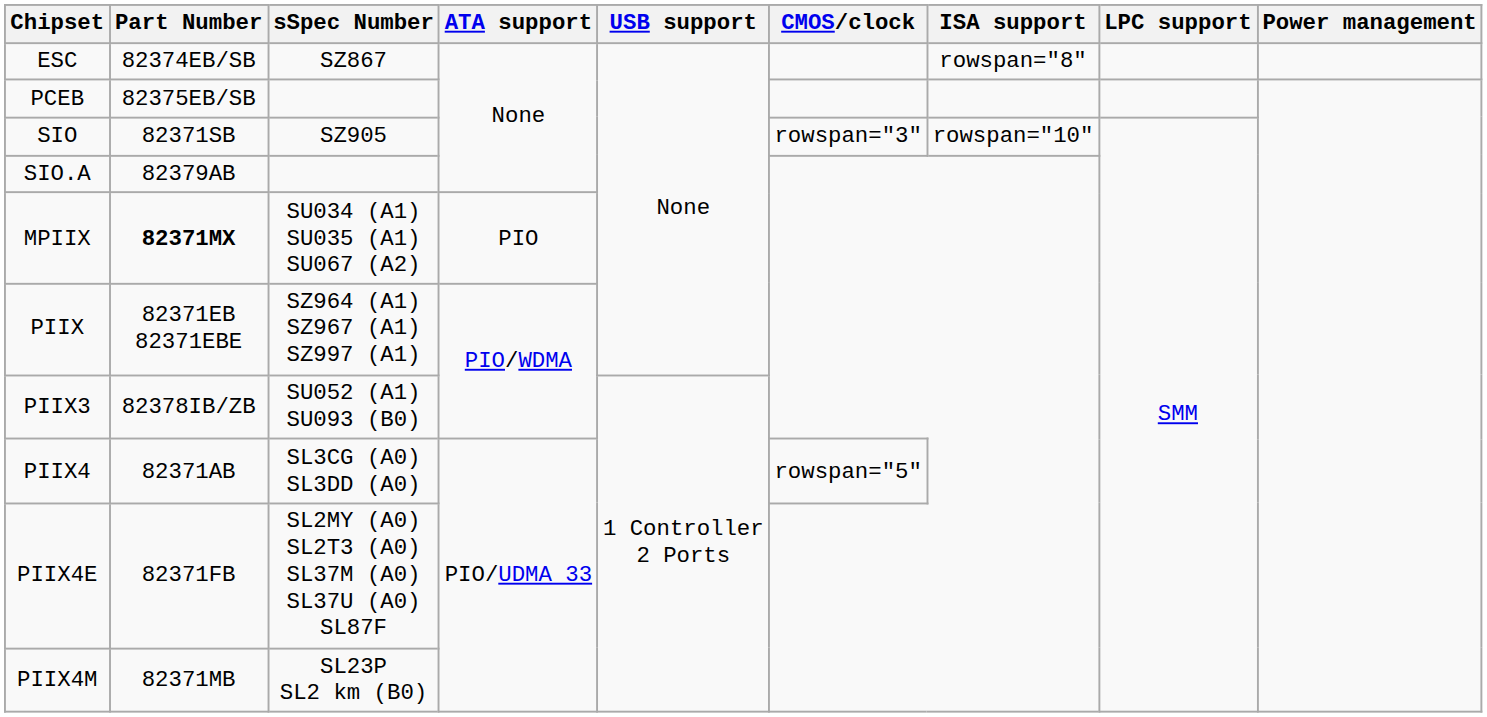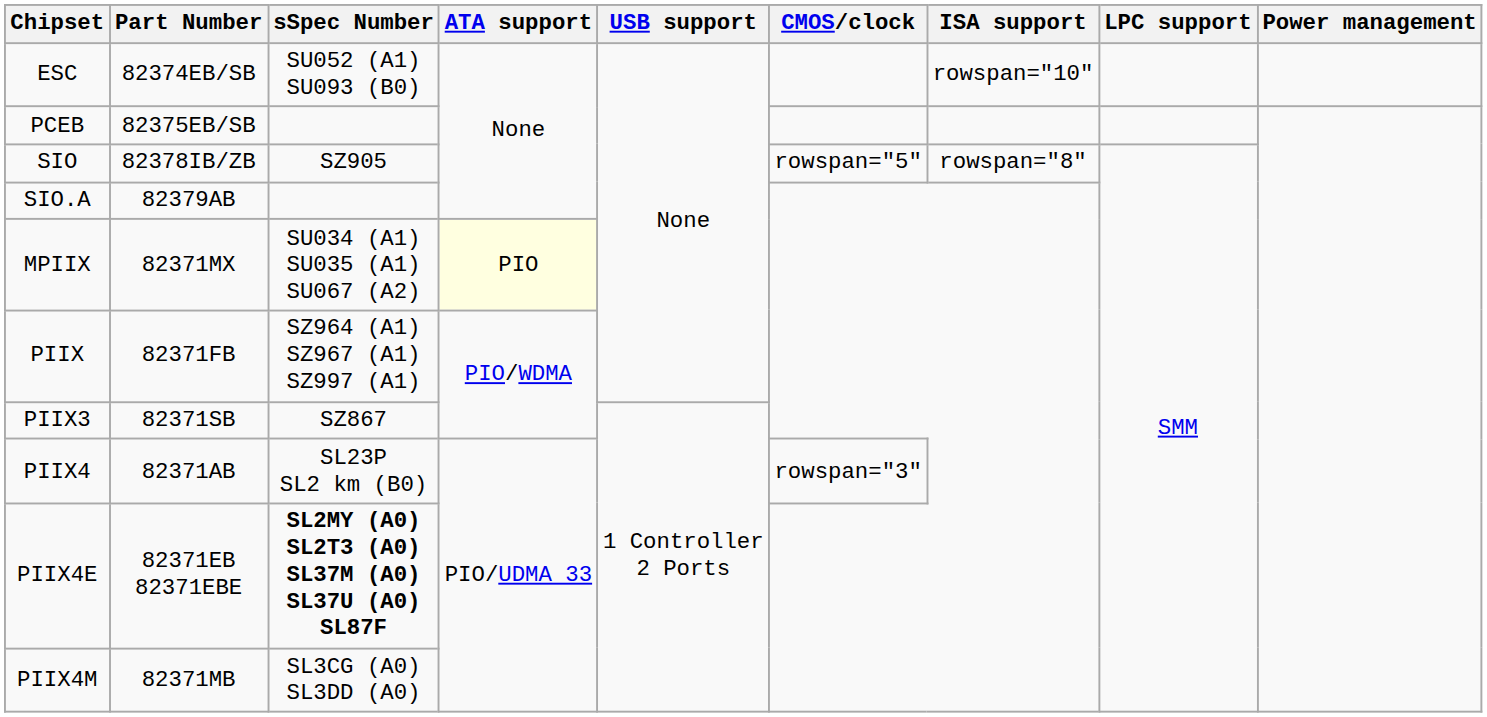 <table class="wikitable" style="font-size: 90%; text-align:center;">
 <tr>
 <th>Chipset</th>
 <th>Part Number</th>
 <th>sSpec Number</th>
 <th><a href='#'>ATA</a> support</th>
 <th><a href='#'>USB</a> support</th>
 <th><a href='#'>CMOS</a>/clock</th>
 <th>ISA support</th>
 <th>LPC support</th>
 <th>Power management</th>
 </tr>
 <tr>
 <td>ESC</td>
 <td>82374EB/SB</td>
-<td>SZ867</td>
+<td>SU052 (A1)<br>SU093 (B0)</td>
 <td rowspan="4">None</td>
 <td rowspan="6">None</td>
 <td></td>
-<td>rowspan="8" </td>
+<td>rowspan="10" </td>
 <td></td>
 <td></td>
 </tr>
 <tr>
 <td>PCEB</td>
 <td>82375EB/SB</td>
 <td></td>
 <td></td>
 <td></td>
 <td></td>
 </tr>
 <tr>
 <td>SIO</td>
-<td>82371SB</td>
+<td>82378IB/ZB</td>
 <td>SZ905</td>
-<td>rowspan="3" </td>
-<td>rowspan="10" </td>
+<td>rowspan="5" </td>
+<td>rowspan="8" </td>
 <td rowspan="8"><a href='#'>SMM</a></td>
 </tr>
 <tr>
 <td>SIO.A</td>
 <td>82379AB</td>
 <td></td>
 </tr>
 <tr>
 <td>MPIIX</td>
-<td><strong>82371MX</strong></td>
+<td>82371MX</td>
 <td>SU034 (A1)<br>SU035 (A1)<br>SU067 (A2)</td>
-<td>PIO</td>
+<td style="background: lightyellow;">PIO</td>
 </tr>
 <tr>
 <td>PIIX</td>
-<td>82371EB<br>82371EBE</td>
+<td>82371FB</td>
 <td>SZ964 (A1)<br>SZ967 (A1)<br>SZ997 (A1)</td>
 <td rowspan="2"><a href='#'>PIO</a>/<a href='#'>WDMA</a></td>
 </tr>
 <tr>
 <td>PIIX3</td>
-<td>82378IB/ZB</td>
-<td>SU052 (A1)<br>SU093 (B0)</td>
+<td>82371SB</td>
+<td>SZ867</td>
 <td rowspan="4">1 Controller<br>2 Ports</td>
 </tr>
 <tr>
 <td>PIIX4</td>
 <td>82371AB</td>
-<td>SL3CG (A0)<br>SL3DD (A0)</td>
+<td>SL23P<br>SL2 km (B0)</td>
 <td rowspan="3">PIO/<a href='#'>UDMA 33</a></td>
-<td>rowspan="5" </td>
+<td>rowspan="3" </td>
 </tr>
 <tr>
 <td>PIIX4E</td>
-<td>82371FB</td>
-<td>SL2MY (A0)<br>SL2T3 (A0)<br>SL37M (A0)<br>SL37U (A0)<br>SL87F</td>
+<td>82371EB<br>82371EBE</td>
+<td><strong>SL2MY (A0)<br>SL2T3 (A0)<br>SL37M (A0)<br>SL37U (A0)<br>SL87F</strong></td>
 </tr>
 <tr>
 <td>PIIX4M</td>
 <td>82371MB</td>
-<td>SL23P<br>SL2 km (B0)</td>
+<td>SL3CG (A0)<br>SL3DD (A0)</td>
 </tr>
 </table>
